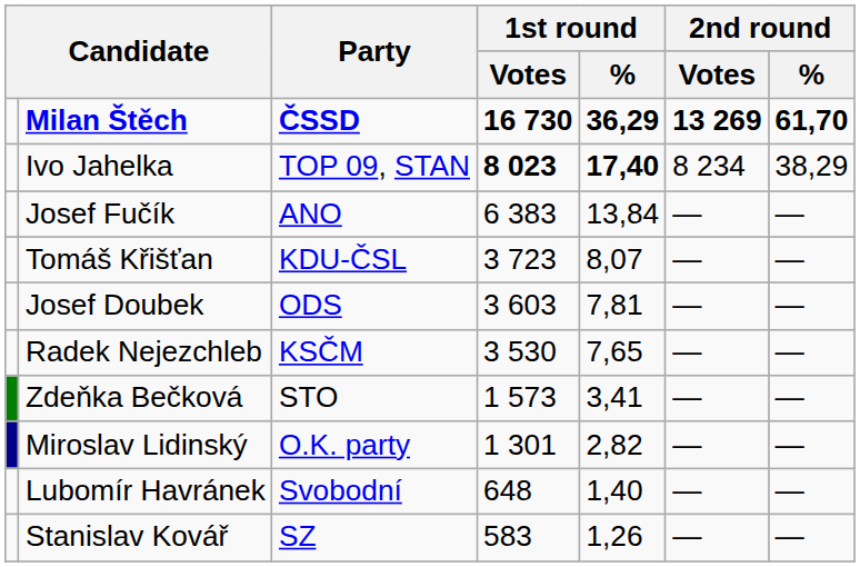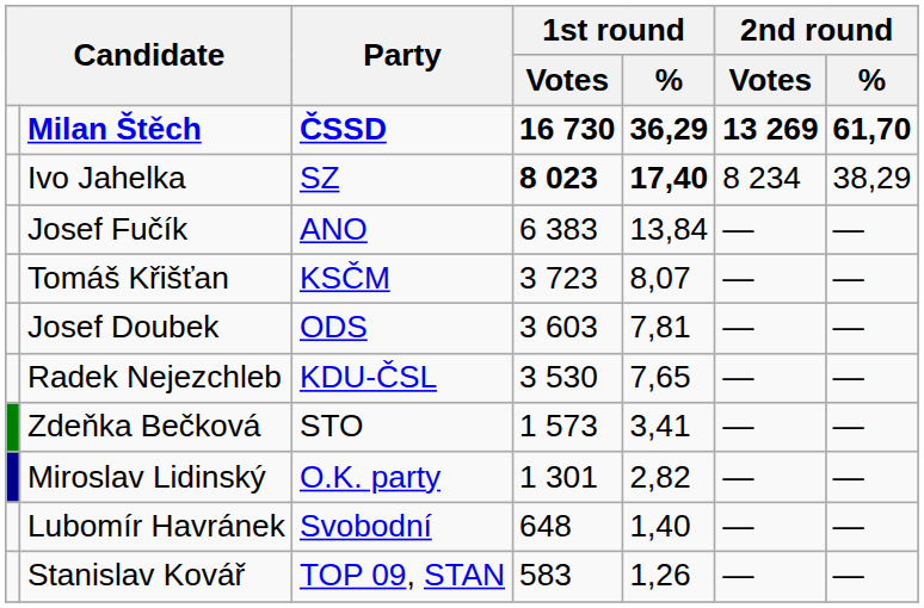 <table class="wikitable sortable">
 <tr>
 <th colspan="2" rowspan="2">Candidate</th>
 <th rowspan="2">Party</th>
 <th colspan="2">1st round</th>
 <th colspan="2">2nd round</th>
 </tr>
 <tr>
 <th>Votes</th>
 <th>%</th>
 <th>Votes</th>
 <th>%</th>
 </tr>
 <tr>
 <td style="background-color:"></td>
 <td><strong><a href='#'>Milan Štěch</a></strong></td>
 <td><a href='#'><strong>ČSSD</strong></a></td>
 <td><strong>16 730</strong></td>
 <td><strong>36,29</strong></td>
 <td><strong>13 269</strong></td>
 <td><strong>61,70</strong></td>
 </tr>
 <tr>
 <td style="background-color:"></td>
 <td>Ivo Jahelka</td>
-<td><a href='#'>TOP 09</a>, <a href='#'>STAN</a></td>
+<td><a href='#'>SZ</a></td>
 <td><strong>8 023</strong></td>
 <td><strong>17,40</strong></td>
 <td>8 234</td>
 <td>38,29</td>
 </tr>
 <tr>
 <td style="background-color:"></td>
 <td>Josef Fučík</td>
 <td><a href='#'>ANO</a></td>
 <td>6 383</td>
 <td>13,84</td>
 <td>—</td>
 <td>—</td>
 </tr>
 <tr>
 <td style="background-color:"></td>
 <td>Tomáš Křišťan</td>
-<td><a href='#'>KDU-ČSL</a></td>
+<td><a href='#'>KSČM</a></td>
 <td>3 723</td>
 <td>8,07</td>
 <td>—</td>
 <td>—</td>
 </tr>
 <tr>
 <td style="background-color:"></td>
 <td>Josef Doubek</td>
 <td><a href='#'>ODS</a></td>
 <td>3 603</td>
 <td>7,81</td>
 <td>—</td>
 <td>—</td>
 </tr>
 <tr>
 <td style="background-color:"></td>
 <td>Radek Nejezchleb</td>
-<td><a href='#'>KSČM</a></td>
+<td><a href='#'>KDU-ČSL</a></td>
 <td>3 530</td>
 <td>7,65</td>
 <td>—</td>
 <td>—</td>
 </tr>
 <tr>
 <td style="background-color:green;"></td>
 <td>Zdeňka Bečková</td>
 <td>STO</td>
 <td>1 573</td>
 <td>3,41</td>
 <td>—</td>
 <td>—</td>
 </tr>
 <tr>
 <td style="background-color:darkblue;"></td>
 <td>Miroslav Lidinský</td>
 <td><a href='#'>O.K. party</a></td>
 <td>1 301</td>
 <td>2,82</td>
 <td>—</td>
 <td>—</td>
 </tr>
 <tr>
 <td style="background-color:"></td>
 <td>Lubomír Havránek</td>
 <td><a href='#'>Svobodní</a></td>
 <td>648</td>
 <td>1,40</td>
 <td>—</td>
 <td>—</td>
 </tr>
 <tr>
 <td style="background-color:"></td>
 <td>Stanislav Kovář</td>
-<td><a href='#'>SZ</a></td>
+<td><a href='#'>TOP 09</a>, <a href='#'>STAN</a></td>
 <td>583</td>
 <td>1,26</td>
 <td>—</td>
 <td>—</td>
 </tr>
 </table>
